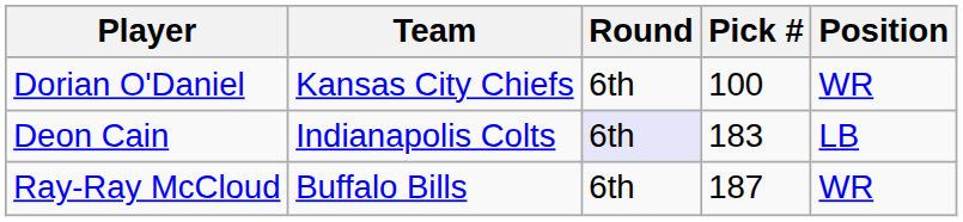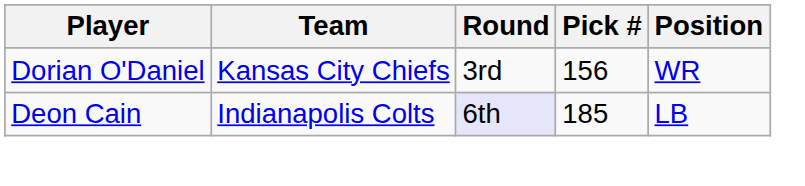 <table class="wikitable">
 <tr>
 <th>Player</th>
 <th>Team</th>
 <th>Round</th>
 <th>Pick #</th>
 <th>Position</th>
 </tr>
 <tr>
 <td><a href='#'>Dorian O'Daniel</a></td>
 <td><a href='#'>Kansas City Chiefs</a></td>
-<td>6th</td>
-<td>100</td>
+<td>3rd</td>
+<td>156</td>
 <td><a href='#'>WR</a></td>
 </tr>
 <tr>
 <td><a href='#'>Deon Cain</a></td>
 <td><a href='#'>Indianapolis Colts</a></td>
 <td style="background: lavender;">6th</td>
-<td>183</td>
+<td>185</td>
 <td><a href='#'>LB</a></td>
 </tr>
-<tr>
-<td><a href='#'>Ray-Ray McCloud</a></td>
-<td><a href='#'>Buffalo Bills</a></td>
-<td>6th</td>
-<td>187</td>
-<td><a href='#'>WR</a></td>
-</tr>
 </table>
